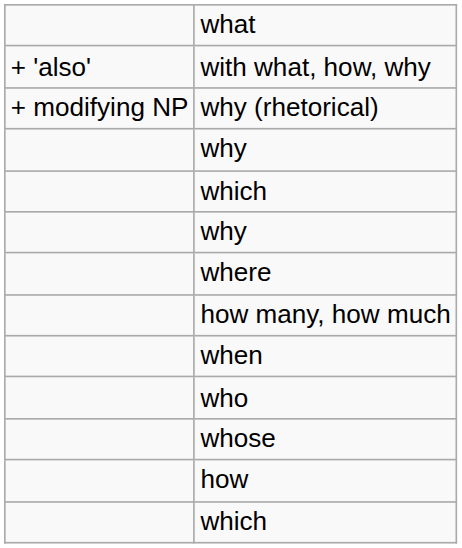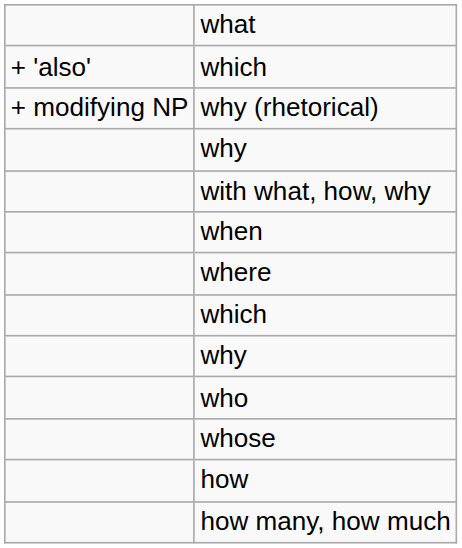 <table class="wikitable">
 <tr>
 <td></td>
 <td>what</td>
 </tr>
 <tr>
 <td> +  'also'</td>
-<td>with what, how, why</td>
+<td>which</td>
 </tr>
 <tr>
 <td> + modifying NP</td>
 <td>why (rhetorical)</td>
 </tr>
 <tr>
 <td></td>
 <td>why</td>
 </tr>
 <tr>
 <td></td>
-<td>which</td>
+<td>with what, how, why</td>
 </tr>
 <tr>
 <td></td>
-<td>why</td>
+<td>when</td>
 </tr>
 <tr>
 <td></td>
 <td>where</td>
 </tr>
 <tr>
 <td></td>
-<td>how many, how much</td>
+<td>which</td>
 </tr>
 <tr>
 <td></td>
-<td>when</td>
+<td>why</td>
 </tr>
 <tr>
 <td></td>
 <td>who</td>
 </tr>
 <tr>
 <td></td>
 <td>whose</td>
 </tr>
 <tr>
 <td></td>
 <td>how</td>
 </tr>
 <tr>
 <td></td>
-<td>which</td>
+<td>how many, how much</td>
 </tr>
 </table>
